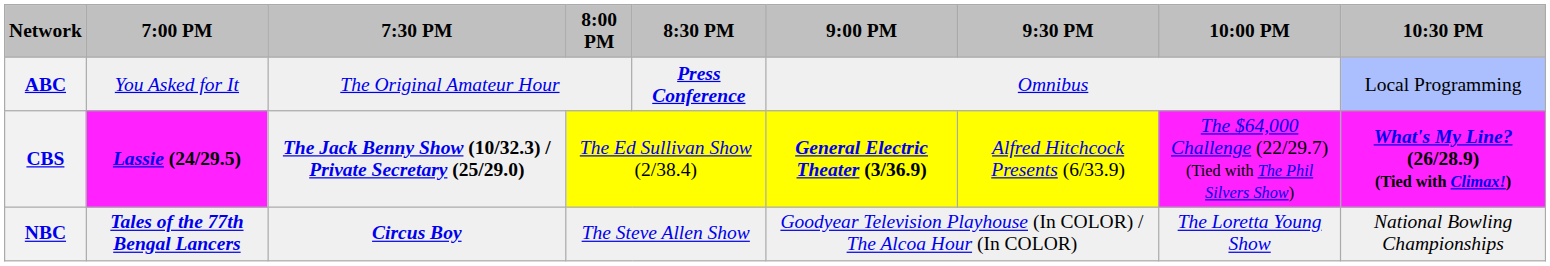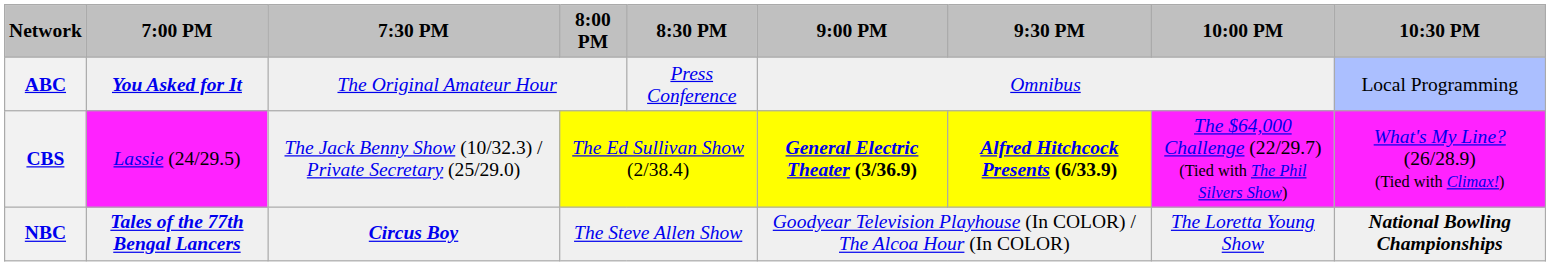 <table class="wikitable" style="width:100%;margin-right:0;text-align:center">
 <tr>
 <th style="background-color:#C0C0C0;text-align:center">Network</th>
 <th style="background-color:#C0C0C0;text-align:center">7:00 PM</th>
 <th style="background-color:#C0C0C0;text-align:center">7:30 PM</th>
 <th style="background-color:#C0C0C0;text-align:center">8:00 PM</th>
 <th style="background-color:#C0C0C0;text-align:center">8:30 PM</th>
 <th style="background-color:#C0C0C0;text-align:center">9:00 PM</th>
 <th style="background-color:#C0C0C0;text-align:center">9:30 PM</th>
 <th style="background-color:#C0C0C0;text-align:center">10:00 PM</th>
 <th style="background-color:#C0C0C0;text-align:center">10:30 PM</th>
 </tr>
 <tr>
 <th bgcolor="#C0C0C0"><a href='#'>ABC</a></th>
-<td bgcolor="#F0F0F0"><em><a href='#'>You Asked for It</a></em></td>
+<td bgcolor="#F0F0F0"><strong><em><a href='#'>You Asked for It</a></em></strong></td>
 <td colspan="2" bgcolor="#F0F0F0"><em><a href='#'>The Original Amateur Hour</a></em></td>
-<td bgcolor="#F0F0F0"><strong><em><a href='#'>Press Conference</a></em></strong></td>
+<td bgcolor="#F0F0F0"><em><a href='#'>Press Conference</a></em></td>
 <td colspan="3" bgcolor="#F0F0F0"><em><a href='#'>Omnibus</a></em></td>
 <td bgcolor="ABBFFF">Local Programming</td>
 </tr>
 <tr>
 <th bgcolor="#C0C0C0"><a href='#'>CBS</a></th>
-<td bgcolor="#FF22FF"><strong><em><a href='#'>Lassie</a></em> (24/29.5)</strong></td>
-<td bgcolor="#F0F0F0"><strong><span><em><a href='#'>The Jack Benny Show</a></em> (10/32.3)</span> / <span><em><a href='#'>Private Secretary</a></em> (25/29.0)</span></strong></td>
+<td bgcolor="#FF22FF"><em><a href='#'>Lassie</a></em> (24/29.5)</td>
+<td bgcolor="#F0F0F0"><span><em><a href='#'>The Jack Benny Show</a></em> (10/32.3)</span> / <span><em><a href='#'>Private Secretary</a></em> (25/29.0)</span></td>
 <td colspan="2" bgcolor="#FFFF00"><em><a href='#'>The Ed Sullivan Show</a></em> (2/38.4)</td>
 <td bgcolor="#FFFF00"><strong><em><a href='#'>General Electric Theater</a></em> (3/36.9)</strong></td>
-<td bgcolor="#FFFF00"><em><a href='#'>Alfred Hitchcock Presents</a></em> (6/33.9)</td>
+<td bgcolor="#FFFF00"><strong><em><a href='#'>Alfred Hitchcock Presents</a></em> (6/33.9)</strong></td>
 <td bgcolor="#FF22FF"><em><a href='#'>The $64,000 Challenge</a></em> (22/29.7)<br><small>(Tied with <em><a href='#'>The Phil Silvers Show</a></em>)</small></td>
-<td bgcolor="#FF22FF"><strong><em><a href='#'>What's My Line?</a></em> (26/28.9)<br><small>(Tied with <em><a href='#'>Climax!</a></em>)</small></strong></td>
+<td bgcolor="#FF22FF"><em><a href='#'>What's My Line?</a></em> (26/28.9)<br><small>(Tied with <em><a href='#'>Climax!</a></em>)</small></td>
 </tr>
 <tr>
 <th bgcolor="#C0C0C0"><a href='#'>NBC</a></th>
 <td bgcolor="#F0F0F0"><strong><em><a href='#'>Tales of the 77th Bengal Lancers</a></em></strong></td>
 <td bgcolor="#F0F0F0"><strong><em><a href='#'>Circus Boy</a></em></strong></td>
 <td colspan="2" bgcolor="#F0F0F0"><em><a href='#'>The Steve Allen Show</a></em></td>
 <td colspan="2" bgcolor="#F0F0F0"><em><a href='#'>Goodyear Television Playhouse</a></em> (In <span>C</span><span>O</span><span>L</span><span>O</span><span>R</span>) / <em><a href='#'>The Alcoa Hour</a></em> (In <span>C</span><span>O</span><span>L</span><span>O</span><span>R</span>)</td>
 <td bgcolor="#F0F0F0"><em><a href='#'>The Loretta Young Show</a></em></td>
-<td bgcolor="#F0F0F0"><em>National Bowling Championships</em></td>
+<td bgcolor="#F0F0F0"><strong><em>National Bowling Championships</em></strong></td>
 </tr>
 </table>
